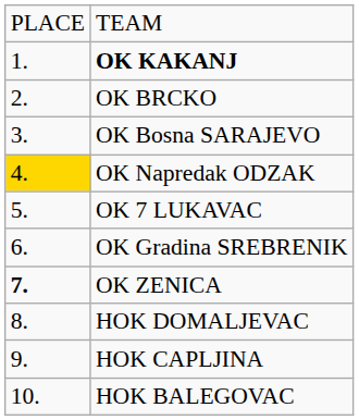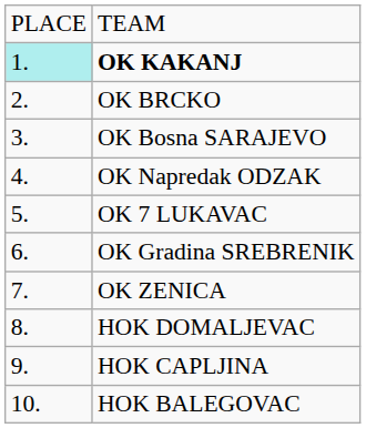 <table class="wikitable">
 <tr>
 <td>PLACE</td>
 <td>TEAM</td>
 </tr>
 <tr>
-<td>1.</td>
+<td style="background: paleturquoise;">1.</td>
 <td><strong>OK KAKANJ</strong></td>
 </tr>
 <tr>
 <td>2.</td>
 <td>OK BRCKO</td>
 </tr>
 <tr>
 <td>3.</td>
 <td>OK Bosna SARAJEVO</td>
 </tr>
 <tr>
-<td style="background: gold;">4.</td>
+<td>4.</td>
 <td>OK Napredak ODZAK</td>
 </tr>
 <tr>
 <td>5.</td>
 <td>OK 7 LUKAVAC</td>
 </tr>
 <tr>
 <td>6.</td>
 <td>OK Gradina SREBRENIK</td>
 </tr>
 <tr>
-<td><strong>7.</strong></td>
+<td>7.</td>
 <td>OK ZENICA</td>
 </tr>
 <tr>
 <td>8.</td>
 <td>HOK DOMALJEVAC</td>
 </tr>
 <tr>
 <td>9.</td>
 <td>HOK CAPLJINA</td>
 </tr>
 <tr>
 <td>10.</td>
 <td>HOK BALEGOVAC</td>
 </tr>
 </table>
